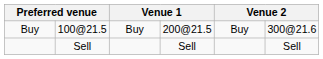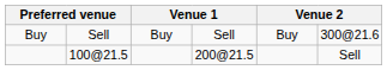 <table class="wikitable" style="text-align:center">
 <tr>
 <th colspan="2">Preferred venue</th>
 <th colspan="2">Venue 1</th>
 <th colspan="2">Venue 2</th>
 </tr>
 <tr>
 <td>Buy</td>
-<td style="width:70px">100@21.5</td>
+<td>Sell</td>
 <td>Buy</td>
-<td style="width:70px">200@21.5</td>
+<td>Sell</td>
 <td>Buy</td>
 <td style="width:70px">300@21.6</td>
 </tr>
 <tr>
 <td style="width:70px"></td>
-<td>Sell</td>
+<td style="width:70px">100@21.5</td>
 <td style="width:70px"></td>
-<td>Sell</td>
+<td style="width:70px">200@21.5</td>
 <td style="width:70px"></td>
 <td>Sell</td>
 </tr>
 </table>
